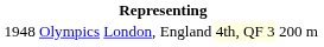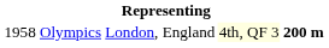 <table>
 <tr>
 <th colspan="6">Representing </th>
 </tr>
 <tr>
-<td>1948</td>
+<td>1958</td>
 <td><a href='#'>Olympics</a></td>
 <td><a href='#'>London</a>, England</td>
 <td style="background: lightyellow;">4th, QF 3</td>
-<td>200 m</td>
+<td><strong>200 m</strong></td>
 <td><a href='#'></a></td>
 </tr>
 </table>
